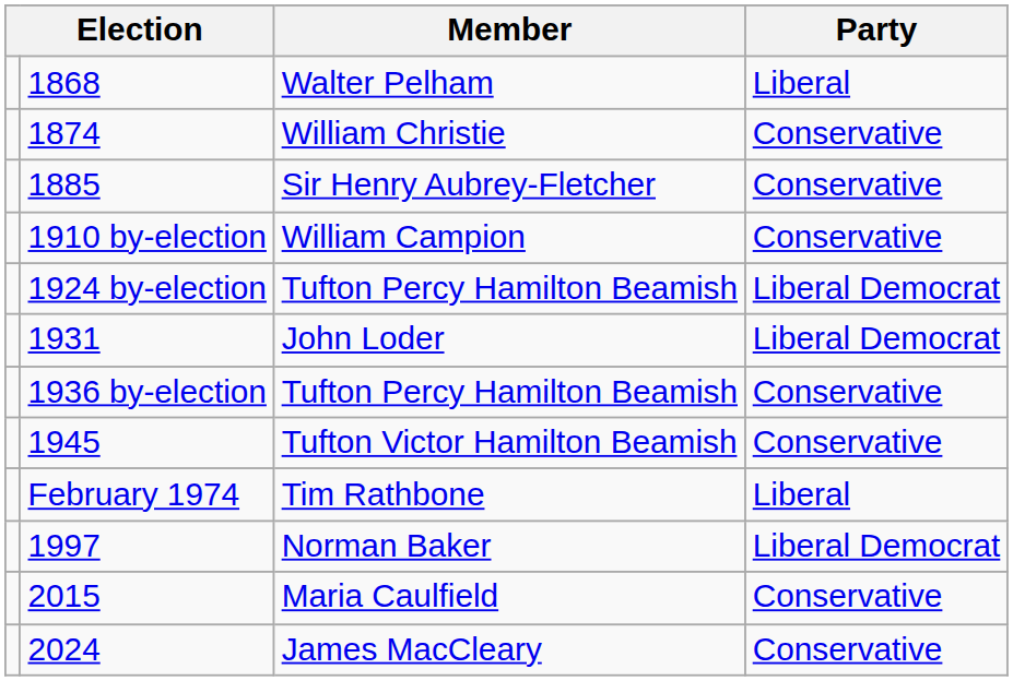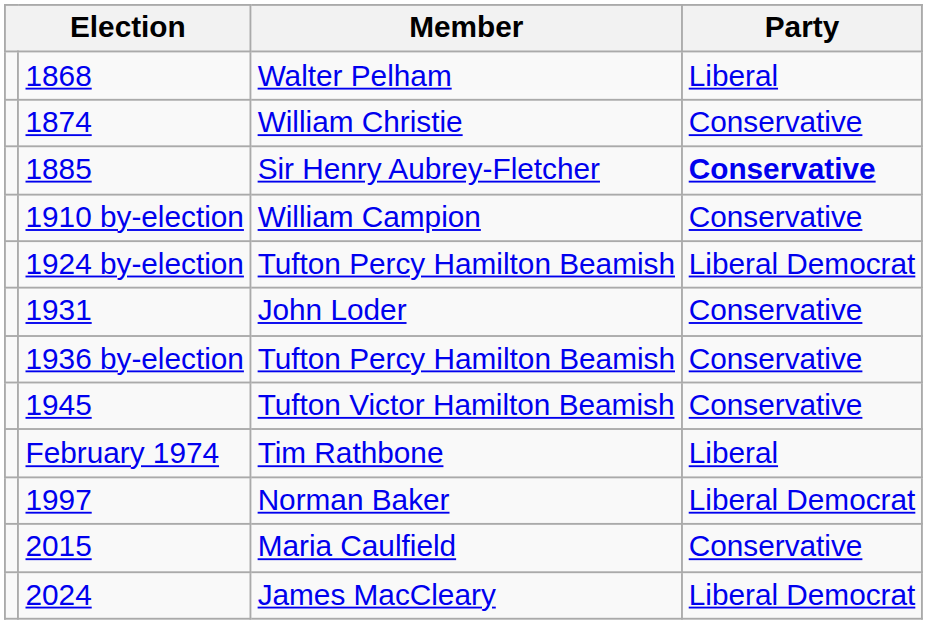 <table class="wikitable">
 <tr>
 <th colspan="2">Election</th>
 <th>Member</th>
 <th>Party</th>
 </tr>
 <tr>
 <td style="color:inherit;background-color: "></td>
 <td><a href='#'>1868</a></td>
 <td><a href='#'>Walter Pelham</a></td>
 <td><a href='#'>Liberal</a></td>
 </tr>
 <tr>
 <td style="color:inherit;background-color: "></td>
 <td><a href='#'>1874</a></td>
 <td><a href='#'>William Christie</a></td>
 <td><a href='#'>Conservative</a></td>
 </tr>
 <tr>
 <td style="color:inherit;background-color: "></td>
 <td><a href='#'>1885</a></td>
 <td><a href='#'>Sir Henry Aubrey-Fletcher</a></td>
-<td><a href='#'>Conservative</a></td>
+<td><strong><a href='#'>Conservative</a></strong></td>
 </tr>
 <tr>
 <td style="color:inherit;background-color: "></td>
 <td><a href='#'>1910 by-election</a></td>
 <td><a href='#'>William Campion</a></td>
 <td><a href='#'>Conservative</a></td>
 </tr>
 <tr>
 <td style="color:inherit;background-color: "></td>
 <td><a href='#'>1924 by-election</a></td>
 <td><a href='#'>Tufton Percy Hamilton Beamish</a></td>
 <td><a href='#'>Liberal Democrat</a></td>
 </tr>
 <tr>
 <td style="color:inherit;background-color: "></td>
 <td><a href='#'>1931</a></td>
 <td><a href='#'>John Loder</a></td>
-<td><a href='#'>Liberal Democrat</a></td>
+<td><a href='#'>Conservative</a></td>
 </tr>
 <tr>
 <td style="color:inherit;background-color: "></td>
 <td><a href='#'>1936 by-election</a></td>
 <td><a href='#'>Tufton Percy Hamilton Beamish</a></td>
 <td><a href='#'>Conservative</a></td>
 </tr>
 <tr>
 <td style="color:inherit;background-color: "></td>
 <td><a href='#'>1945</a></td>
 <td><a href='#'>Tufton Victor Hamilton Beamish</a></td>
 <td><a href='#'>Conservative</a></td>
 </tr>
 <tr>
 <td style="color:inherit;background-color: "></td>
 <td><a href='#'>February 1974</a></td>
 <td><a href='#'>Tim Rathbone</a></td>
 <td><a href='#'>Liberal</a></td>
 </tr>
 <tr>
 <td style="color:inherit;background-color: "></td>
 <td><a href='#'>1997</a></td>
 <td><a href='#'>Norman Baker</a></td>
 <td><a href='#'>Liberal Democrat</a></td>
 </tr>
 <tr>
 <td style="color:inherit;background-color: "></td>
 <td><a href='#'>2015</a></td>
 <td><a href='#'>Maria Caulfield</a></td>
 <td><a href='#'>Conservative</a></td>
 </tr>
 <tr>
 <td style="color:inherit;background-color: "></td>
 <td><a href='#'>2024</a></td>
 <td><a href='#'>James MacCleary</a></td>
-<td><a href='#'>Conservative</a></td>
+<td><a href='#'>Liberal Democrat</a></td>
 </tr>
 </table>
